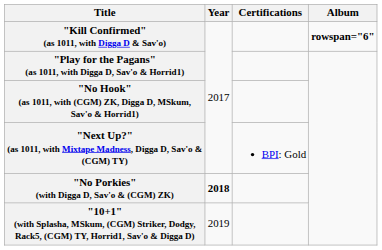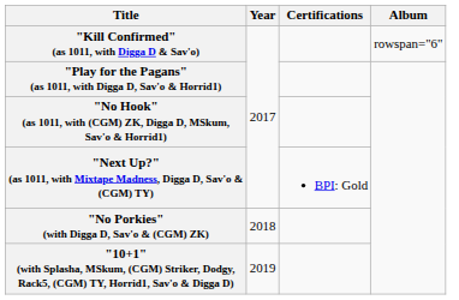 <table class="wikitable plainrowheaders" style="text-align:center;">
 <tr>
 <th scope="col" rowspan="1" style="width:18em;">Title</th>
 <th scope="col" rowspan="1" style="width:1em;">Year</th>
 <th scope="col" rowspan="1">Certifications</th>
 <th scope="col" rowspan="1">Album</th>
 </tr>
 <tr>
 <th scope="row">"Kill Confirmed"<br><small>(as 1011, with <a href='#'>Digga D</a> & Sav'o)</small></th>
 <td rowspan="4">2017</td>
 <td></td>
-<td><strong>rowspan="6" </strong></td>
+<td>rowspan="6" </td>
 </tr>
 <tr>
 <th scope="row">"Play for the Pagans"<br><small>(as 1011, with Digga D, Sav'o & Horrid1)</small></th>
 <td></td>
 </tr>
 <tr>
 <th scope="row">"No Hook"<br><small>(as 1011, with (CGM) ZK, Digga D, MSkum, Sav'o & Horrid1)</small></th>
 <td></td>
 </tr>
 <tr>
 <th scope="row">"Next Up?"<br><small>(as 1011, with <a href='#'>Mixtape Madness</a>, Digga D, Sav'o & (CGM) TY)</small></th>
 <td><br><ul><li><a href='#'>BPI</a>: Gold</li></ul></td>
 </tr>
 <tr>
 <th scope="row">"No Porkies"<br><small>(with Digga D, Sav'o & (CGM) ZK)</small></th>
-<td><strong>2018</strong></td>
+<td>2018</td>
 <td></td>
 </tr>
 <tr>
 <th scope="row">"10+1"<br><small>(with Splasha, MSkum, (CGM) Striker, Dodgy, Rack5, (CGM) TY, Horrid1, Sav'o & Digga D)</small></th>
 <td>2019</td>
 <td></td>
 </tr>
 </table>
